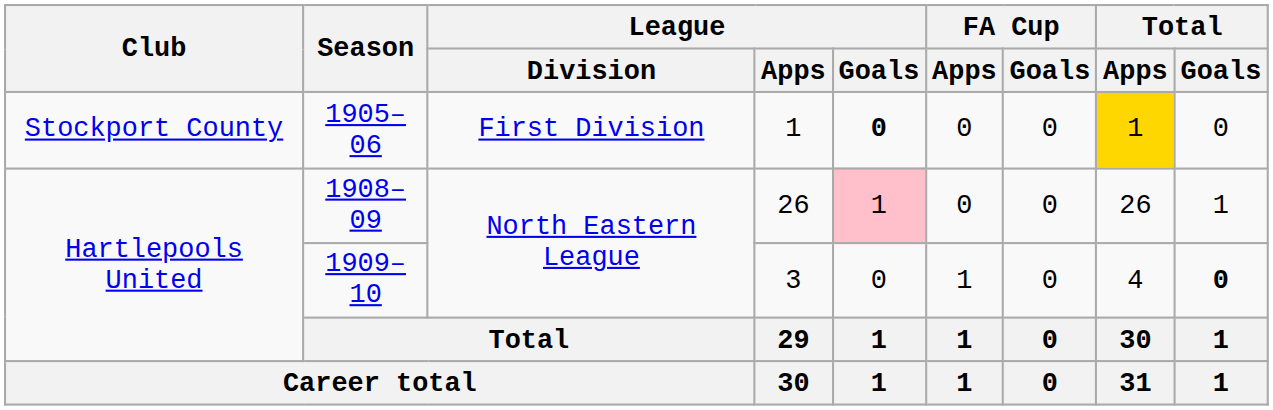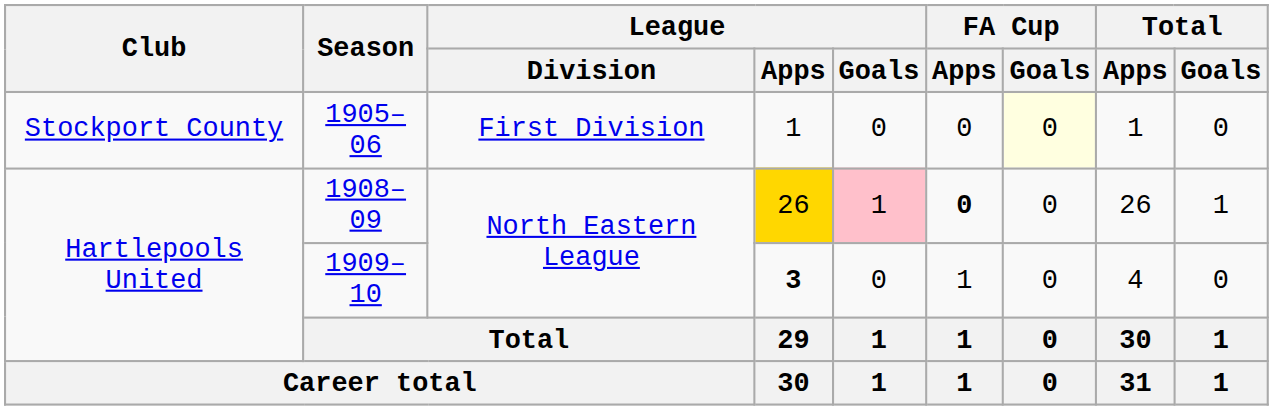 <table class="wikitable" style="text-align: center;">
 <tr>
 <th rowspan="2">Club</th>
 <th rowspan="2">Season</th>
 <th colspan="3">League</th>
 <th colspan="2">FA Cup</th>
 <th colspan="2">Total</th>
 </tr>
 <tr>
 <th>Division</th>
 <th>Apps</th>
 <th>Goals</th>
 <th>Apps</th>
 <th>Goals</th>
 <th>Apps</th>
 <th>Goals</th>
 </tr>
 <tr>
 <td><a href='#'>Stockport County</a></td>
 <td><a href='#'>1905–06</a></td>
 <td><a href='#'>First Division</a></td>
 <td>1</td>
-<td><strong>0</strong></td>
 <td>0</td>
 <td>0</td>
-<td style="background: gold;">1</td>
+<td style="background: lightyellow;">0</td>
+<td>1</td>
 <td>0</td>
 </tr>
 <tr>
 <td rowspan="3"><a href='#'>Hartlepools United</a></td>
 <td><a href='#'>1908–09</a></td>
 <td rowspan="2"><a href='#'>North Eastern League</a></td>
-<td>26</td>
+<td style="background: gold;">26</td>
 <td style="background: pink;">1</td>
-<td>0</td>
+<td><strong>0</strong></td>
 <td>0</td>
 <td>26</td>
 <td>1</td>
 </tr>
 <tr>
 <td><a href='#'>1909–10</a></td>
-<td>3</td>
+<td><strong>3</strong></td>
 <td>0</td>
 <td>1</td>
 <td>0</td>
 <td>4</td>
-<td><strong>0</strong></td>
+<td>0</td>
 </tr>
 <tr>
 <th colspan="2">Total</th>
 <th>29</th>
 <th>1</th>
 <th>1</th>
 <th>0</th>
 <th>30</th>
 <th>1</th>
 </tr>
 <tr>
 <th colspan="3">Career total</th>
 <th>30</th>
 <th>1</th>
 <th>1</th>
 <th>0</th>
 <th>31</th>
 <th>1</th>
 </tr>
 </table>
